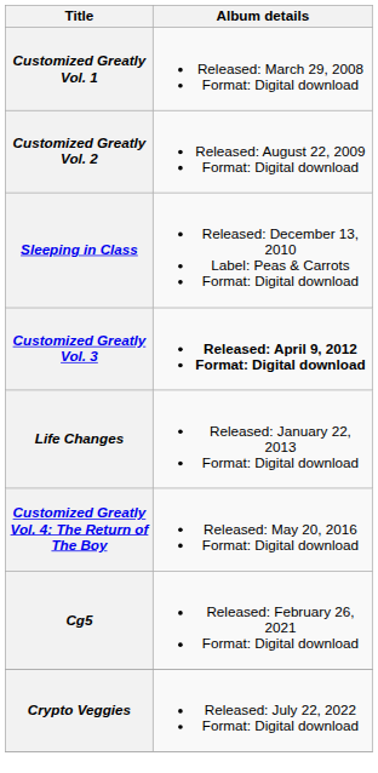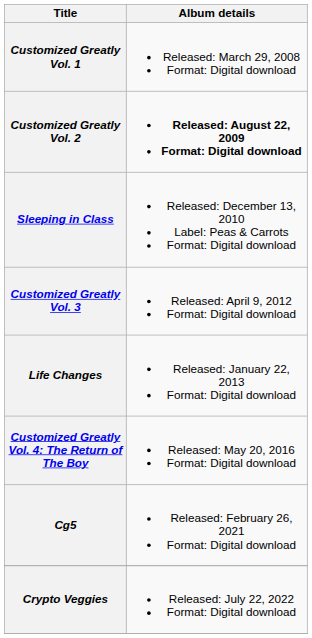 <table class="wikitable plainrowheaders" style="text-align:center;" border="1">
 <tr>
 <th scope="col" style="width:10em;">Title</th>
 <th scope="col" style="width:15em;">Album details</th>
 </tr>
 <tr>
 <th scope="row"><em>Customized Greatly Vol. 1</em></th>
 <td><br><ul><li>Released: March 29, 2008</li><li>Format: Digital download</li></ul></td>
 </tr>
 <tr>
 <th scope="row"><em>Customized Greatly Vol. 2</em></th>
-<td><br><ul><li>Released: August 22, 2009</li><li>Format: Digital download</li></ul></td>
+<td><strong><br><ul><li>Released: August 22, 2009</li><li>Format: Digital download</li></ul></strong></td>
 </tr>
 <tr>
 <th scope="row"><em><a href='#'>Sleeping in Class</a></em></th>
 <td><br><ul><li>Released: December 13, 2010</li><li>Label: Peas & Carrots</li><li>Format: Digital download</li></ul></td>
 </tr>
 <tr>
 <th scope="row"><em><a href='#'>Customized Greatly Vol. 3</a></em></th>
-<td><strong><br><ul><li>Released: April 9, 2012</li><li>Format: Digital download</li></ul></strong></td>
+<td><br><ul><li>Released: April 9, 2012</li><li>Format: Digital download</li></ul></td>
 </tr>
 <tr>
 <th scope="row"><em>Life Changes</em></th>
 <td><br><ul><li>Released: January 22, 2013</li><li>Format: Digital download</li></ul></td>
 </tr>
 <tr>
 <th scope="row"><em><a href='#'>Customized Greatly Vol. 4: The Return of The Boy</a></em></th>
 <td><br><ul><li>Released: May 20, 2016</li><li>Format: Digital download</li></ul></td>
 </tr>
 <tr>
 <th scope="row"><em>Cg5</em></th>
 <td><br><ul><li>Released: February 26, 2021</li><li>Format: Digital download</li></ul></td>
 </tr>
 <tr>
 </tr>
 <tr>
 <th scope="row"><em>Crypto Veggies</em></th>
 <td><br><ul><li>Released: July 22, 2022</li><li>Format: Digital download</li></ul></td>
 </tr>
 <tr>
 </tr>
 </table>
